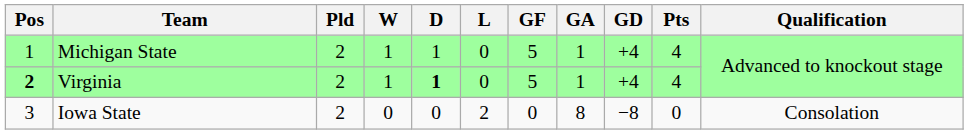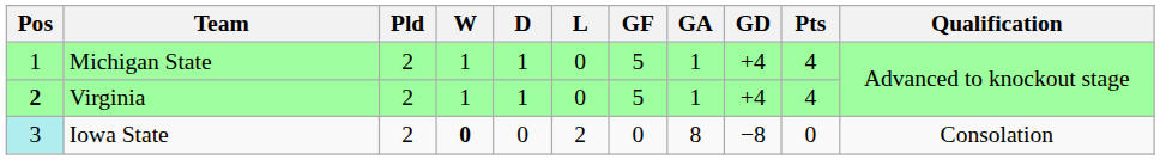 <table class="wikitable" style="text-align:center; margin: 1em auto">
 <tr>
 <th style="width:2em">Pos</th>
 <th style="width:13em">Team</th>
 <th style="width:2em">Pld</th>
 <th style="width:2em">W</th>
 <th style="width:2em">D</th>
 <th style="width:2em">L</th>
 <th style="width:2em">GF</th>
 <th style="width:2em">GA</th>
 <th style="width:2em">GD</th>
 <th style="width:2em">Pts</th>
 <th style="width:13em">Qualification</th>
 </tr>
 <tr bgcolor="#9eff9e">
 <td>1</td>
 <td style="text-align:left">Michigan State</td>
 <td>2</td>
 <td>1</td>
 <td>1</td>
 <td>0</td>
 <td>5</td>
 <td>1</td>
 <td>+4</td>
 <td>4</td>
 <td rowspan="2">Advanced to knockout stage</td>
 </tr>
 <tr bgcolor="#9eff9e">
 <td><strong>2</strong></td>
 <td style="text-align:left">Virginia</td>
 <td>2</td>
 <td>1</td>
-<td><strong>1</strong></td>
+<td>1</td>
 <td>0</td>
 <td>5</td>
 <td>1</td>
 <td>+4</td>
 <td>4</td>
 </tr>
 <tr>
-<td>3</td>
+<td style="background: paleturquoise;">3</td>
 <td style="text-align:left">Iowa State</td>
 <td>2</td>
-<td>0</td>
+<td><strong>0</strong></td>
 <td>0</td>
 <td>2</td>
 <td>0</td>
 <td>8</td>
 <td>−8</td>
 <td>0</td>
 <td>Consolation</td>
 </tr>
 </table>
